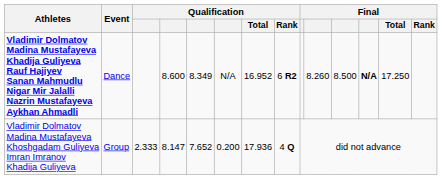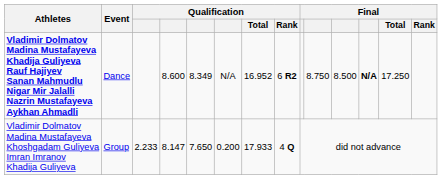 <table class=wikitable style=font-size:90%;text-align:center>
 <tr>
 <th rowspan=2>Athletes</th>
 <th rowspan=2>Event</th>
 <th colspan=6>Qualification</th>
 <th colspan=6>Final</th>
 </tr>
 <tr style=font-size:95%>
 <th></th>
 <th></th>
 <th></th>
 <th></th>
 <th>Total</th>
 <th>Rank</th>
 <th></th>
 <th></th>
 <th></th>
 <th></th>
 <th>Total</th>
 <th>Rank</th>
 </tr>
 <tr>
 <td align=left><strong><a href='#'>Vladimir Dolmatov</a><br><a href='#'>Madina Mustafayeva</a><br><a href='#'>Khadija Guliyeva</a><br><a href='#'>Rauf Hajiyev</a><br><a href='#'>Sanan Mahmudlu</a><br><a href='#'>Nigar Mir Jalalli</a><br><a href='#'>Nazrin Mustafayeva</a><br><a href='#'>Aykhan Ahmadli</a></strong></td>
 <td align=left><a href='#'>Dance</a></td>
 <td></td>
 <td>8.600</td>
 <td>8.349</td>
 <td>N/A</td>
 <td>16.952</td>
 <td>6 <strong>R2</strong></td>
 <td></td>
-<td>8.260</td>
+<td>8.750</td>
 <td>8.500</td>
 <td><strong>N/A</strong></td>
 <td>17.250</td>
 <td></td>
 </tr>
 <tr>
 <td align=left><a href='#'>Vladimir Dolmatov</a><br><a href='#'>Madina Mustafayeva</a><br><a href='#'>Khoshgadam Guliyeva</a><br><a href='#'>Imran Imranov</a><br><a href='#'>Khadija Guliyeva</a></td>
 <td align=left><a href='#'>Group</a></td>
-<td>2.333</td>
+<td>2.233</td>
 <td>8.147</td>
-<td>7.652</td>
+<td>7.650</td>
 <td>0.200</td>
-<td>17.936</td>
+<td>17.933</td>
 <td>4 <strong>Q</strong></td>
 <td colspan=6>did not advance</td>
 </tr>
 </table>
